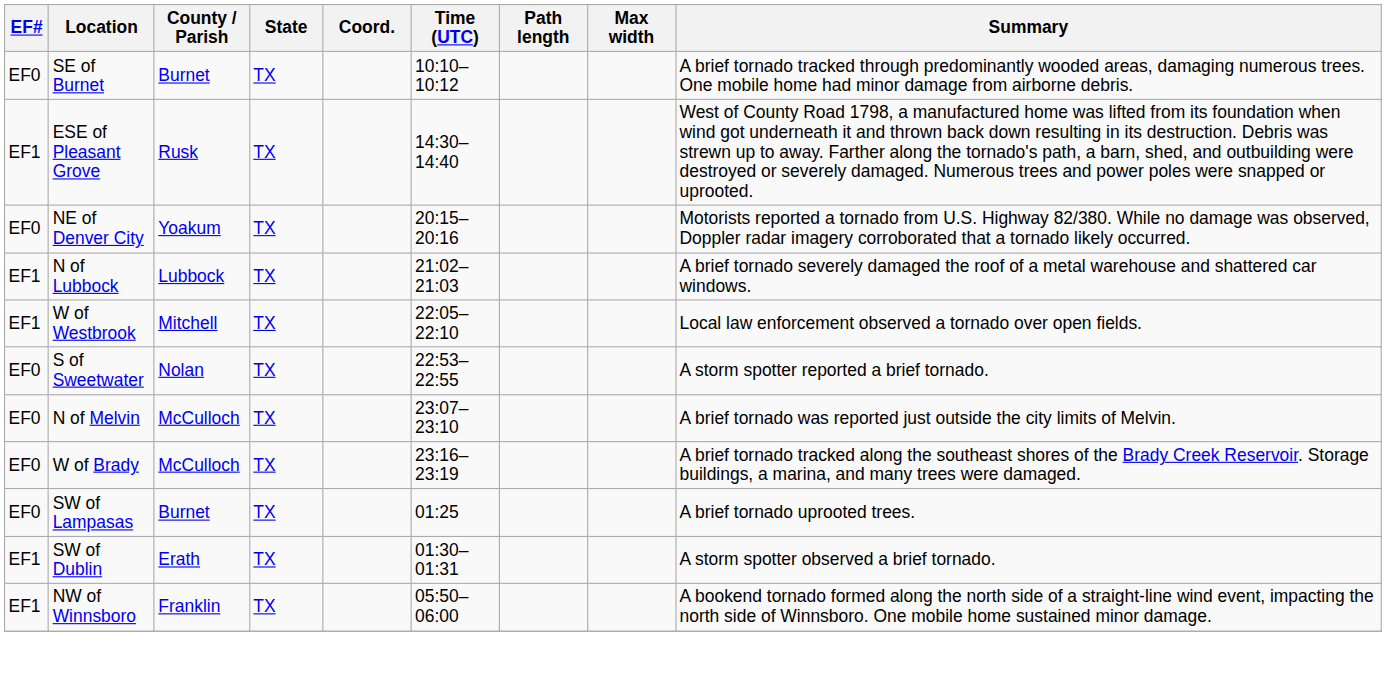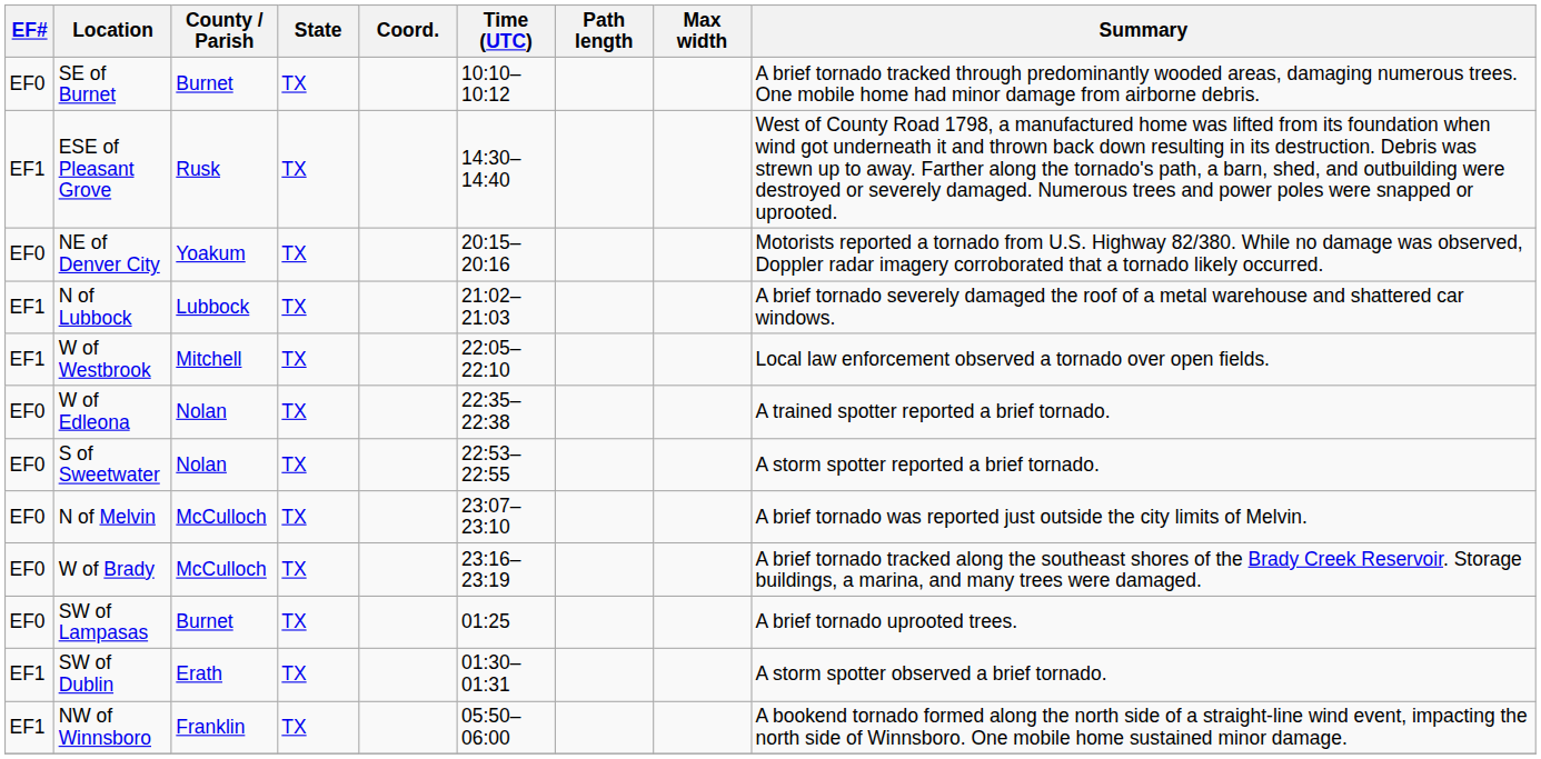 <table class="wikitable sortable" style="width:100%;">
 <tr>
 <th scope="col" width="3%" align="center"><a href='#'>EF#</a></th>
 <th scope="col" width="7%" align="center" class="unsortable">Location</th>
 <th scope="col" width="6%" align="center" class="unsortable">County / Parish</th>
 <th scope="col" width="5%" align="center">State</th>
 <th scope="col" width="6%" align="center">Coord.</th>
 <th scope="col" width="6%" align="center">Time (<a href='#'>UTC</a>)</th>
 <th scope="col" width="6%" align="center">Path length</th>
 <th scope="col" width="6%" align="center">Max width</th>
 <th scope="col" width="48%" class="unsortable" align="center">Summary</th>
 </tr>
 <tr>
 <td>EF0</td>
 <td>SE of <a href='#'>Burnet</a></td>
 <td><a href='#'>Burnet</a></td>
 <td><a href='#'>TX</a></td>
 <td></td>
 <td>10:10–10:12</td>
 <td></td>
 <td></td>
 <td>A brief tornado tracked through predominantly wooded areas, damaging numerous trees. One mobile home had minor damage from airborne debris.</td>
 </tr>
 <tr>
 <td>EF1</td>
 <td>ESE of <a href='#'>Pleasant Grove</a></td>
 <td><a href='#'>Rusk</a></td>
 <td><a href='#'>TX</a></td>
 <td></td>
 <td>14:30–14:40</td>
 <td></td>
 <td></td>
 <td>West of County Road 1798, a manufactured home was lifted from its foundation when wind got underneath it and thrown back down resulting in its destruction. Debris was strewn up to  away. Farther along the tornado's path, a barn, shed, and outbuilding were destroyed or severely damaged. Numerous trees and power poles were snapped or uprooted.</td>
 </tr>
 <tr>
 <td>EF0</td>
 <td>NE of <a href='#'>Denver City</a></td>
 <td><a href='#'>Yoakum</a></td>
 <td><a href='#'>TX</a></td>
 <td></td>
 <td>20:15–20:16</td>
 <td></td>
 <td></td>
 <td>Motorists reported a tornado from U.S. Highway 82/380. While no damage was observed, Doppler radar imagery corroborated that a tornado likely occurred.</td>
 </tr>
 <tr>
 <td>EF1</td>
 <td>N of <a href='#'>Lubbock</a></td>
 <td><a href='#'>Lubbock</a></td>
 <td><a href='#'>TX</a></td>
 <td></td>
 <td>21:02–21:03</td>
 <td></td>
 <td></td>
 <td>A brief tornado severely damaged the roof of a metal warehouse and shattered car windows.</td>
 </tr>
 <tr>
 <td>EF1</td>
 <td>W of <a href='#'>Westbrook</a></td>
 <td><a href='#'>Mitchell</a></td>
 <td><a href='#'>TX</a></td>
 <td></td>
 <td>22:05–22:10</td>
 <td></td>
 <td></td>
 <td>Local law enforcement observed a tornado over open fields.</td>
+</tr>
+<tr>
+<td>EF0</td>
+<td>W of <a href='#'>Edleona</a></td>
+<td><a href='#'>Nolan</a></td>
+<td><a href='#'>TX</a></td>
+<td></td>
+<td>22:35–22:38</td>
+<td></td>
+<td></td>
+<td>A trained spotter reported a brief tornado.</td>
 </tr>
 <tr>
 <td>EF0</td>
 <td>S of <a href='#'>Sweetwater</a></td>
 <td><a href='#'>Nolan</a></td>
 <td><a href='#'>TX</a></td>
 <td></td>
 <td>22:53–22:55</td>
 <td></td>
 <td></td>
 <td>A storm spotter reported a brief tornado.</td>
 </tr>
 <tr>
 <td>EF0</td>
 <td>N of <a href='#'>Melvin</a></td>
 <td><a href='#'>McCulloch</a></td>
 <td><a href='#'>TX</a></td>
 <td></td>
 <td>23:07–23:10</td>
 <td></td>
 <td></td>
 <td>A brief tornado was reported just outside the city limits of Melvin.</td>
 </tr>
 <tr>
 <td>EF0</td>
 <td>W of <a href='#'>Brady</a></td>
 <td><a href='#'>McCulloch</a></td>
 <td><a href='#'>TX</a></td>
 <td></td>
 <td>23:16–23:19</td>
 <td></td>
 <td></td>
 <td>A brief tornado tracked along the southeast shores of the <a href='#'>Brady Creek Reservoir</a>. Storage buildings, a marina, and many trees were damaged.</td>
 </tr>
 <tr>
 <td>EF0</td>
 <td>SW of <a href='#'>Lampasas</a></td>
 <td><a href='#'>Burnet</a></td>
 <td><a href='#'>TX</a></td>
 <td></td>
 <td>01:25</td>
 <td></td>
 <td></td>
 <td>A brief tornado uprooted trees.</td>
 </tr>
 <tr>
 <td>EF1</td>
 <td>SW of <a href='#'>Dublin</a></td>
 <td><a href='#'>Erath</a></td>
 <td><a href='#'>TX</a></td>
 <td></td>
 <td>01:30–01:31</td>
 <td></td>
 <td></td>
 <td>A storm spotter observed a brief tornado.</td>
 </tr>
 <tr>
 <td>EF1</td>
 <td>NW of <a href='#'>Winnsboro</a></td>
 <td><a href='#'>Franklin</a></td>
 <td><a href='#'>TX</a></td>
 <td></td>
 <td>05:50–06:00</td>
 <td></td>
 <td></td>
 <td>A bookend tornado formed along the north side of a straight-line wind event, impacting the north side of Winnsboro. One mobile home sustained minor damage.</td>
 </tr>
 <tr>
 </tr>
 </table>
